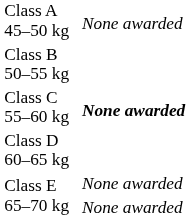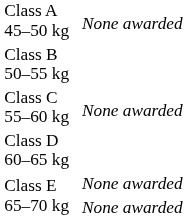 <table>
 <tr>
 <td rowspan=2>Class A<br>45–50 kg</td>
 <td rowspan=2></td>
 <td rowspan=2></td>
 <td></td>
 </tr>
 <tr>
 <td><em>None awarded</em></td>
 </tr>
 <tr>
 <td rowspan=2>Class B<br>50–55 kg</td>
 <td rowspan=2></td>
 <td rowspan=2></td>
 <td></td>
 </tr>
 <tr>
 <td></td>
 </tr>
 <tr>
 <td rowspan=2>Class C<br>55–60 kg</td>
 <td rowspan=2></td>
 <td rowspan=2></td>
 <td></td>
 </tr>
 <tr>
-<td><strong><em>None awarded</em></strong></td>
+<td><em>None awarded</em></td>
 </tr>
 <tr>
 <td rowspan=2>Class D<br>60–65 kg</td>
 <td rowspan=2></td>
 <td rowspan=2></td>
 <td></td>
 </tr>
 <tr>
 <td></td>
 </tr>
 <tr>
 <td rowspan=2>Class E<br>65–70 kg</td>
 <td rowspan=2></td>
 <td rowspan=2></td>
 <td><em>None awarded</em></td>
 </tr>
 <tr>
 <td><em>None awarded</em></td>
 </tr>
 </table>
